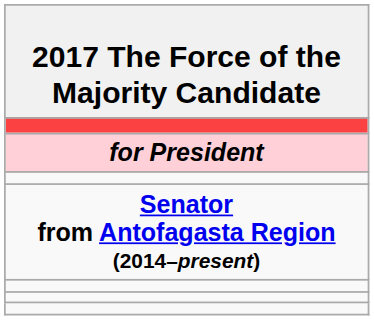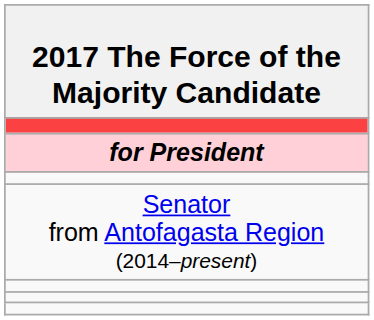 <table class="wikitable" style="font-size:90%; text-align:center;">
 <tr>
 <td colspan="27" style="background:#f1f1f1;"><br><big><strong>2017 The Force of the Majority Candidate</strong></big></td>
 </tr>
 <tr>
 <th style=" font-size:135%; background:#FC4143; width:200px;"></th>
 </tr>
 <tr style="color:#000; font-size:100%; background:#ffd0d7;">
 <td style=" width:200px;"><strong><em>for President</em></strong></td>
 </tr>
 <tr>
 <td></td>
 </tr>
 <tr>
-<td><strong><a href='#'>Senator</a> <br> from <a href='#'>Antofagasta Region</a><br><small>(2014–<em>present</em>)</small></strong></td>
+<td><a href='#'>Senator</a> <br> from <a href='#'>Antofagasta Region</a><br><small>(2014–<em>present</em>)</small></td>
 </tr>
 <tr>
 <td></td>
 </tr>
 <tr>
 <td></td>
 </tr>
 <tr>
 <td></td>
 </tr>
 </table>
